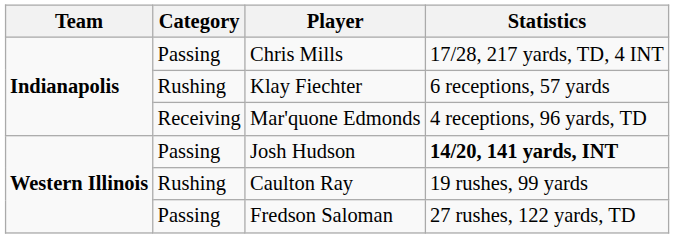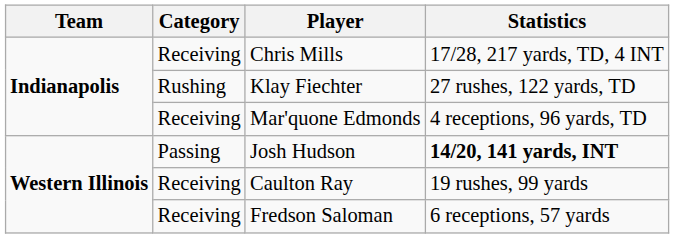 <table class="wikitable" style="float: right;">
 <tr>
 <th>Team</th>
 <th>Category</th>
 <th>Player</th>
 <th>Statistics</th>
 </tr>
 <tr>
 <td rowspan=3><strong>Indianapolis</strong></td>
-<td>Passing</td>
+<td>Receiving</td>
 <td>Chris Mills</td>
 <td>17/28, 217 yards, TD, 4 INT</td>
 </tr>
 <tr>
 <td>Rushing</td>
 <td>Klay Fiechter</td>
-<td>6 receptions, 57 yards</td>
+<td>27 rushes, 122 yards, TD</td>
 </tr>
 <tr>
 <td>Receiving</td>
 <td>Mar'quone Edmonds</td>
 <td>4 receptions, 96 yards, TD</td>
 </tr>
 <tr>
 <td rowspan=3><strong>Western Illinois</strong></td>
 <td>Passing</td>
 <td>Josh Hudson</td>
 <td><strong>14/20, 141 yards, INT</strong></td>
 </tr>
 <tr>
-<td>Rushing</td>
+<td>Receiving</td>
 <td>Caulton Ray</td>
 <td>19 rushes, 99 yards</td>
 </tr>
 <tr>
-<td>Passing</td>
+<td>Receiving</td>
 <td>Fredson Saloman</td>
-<td>27 rushes, 122 yards, TD</td>
+<td>6 receptions, 57 yards</td>
 </tr>
 </table>
